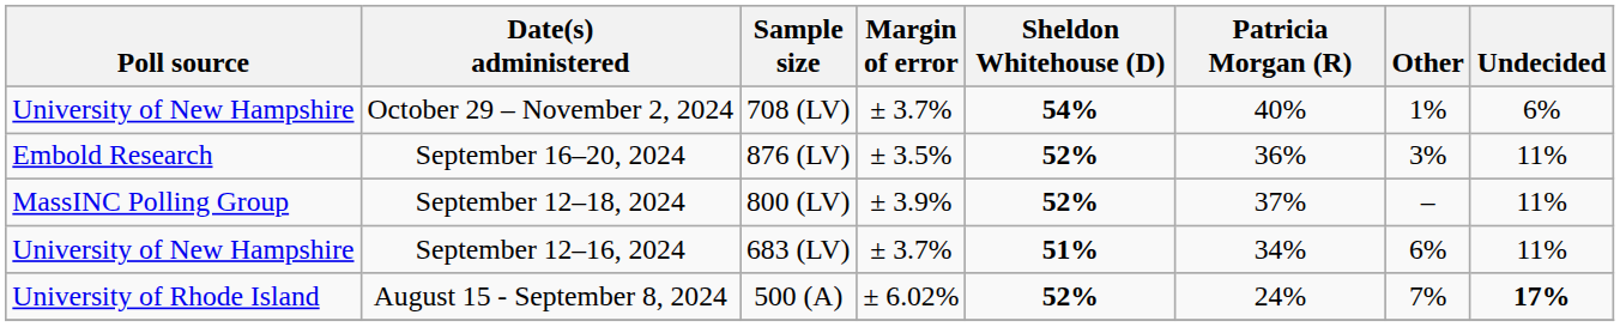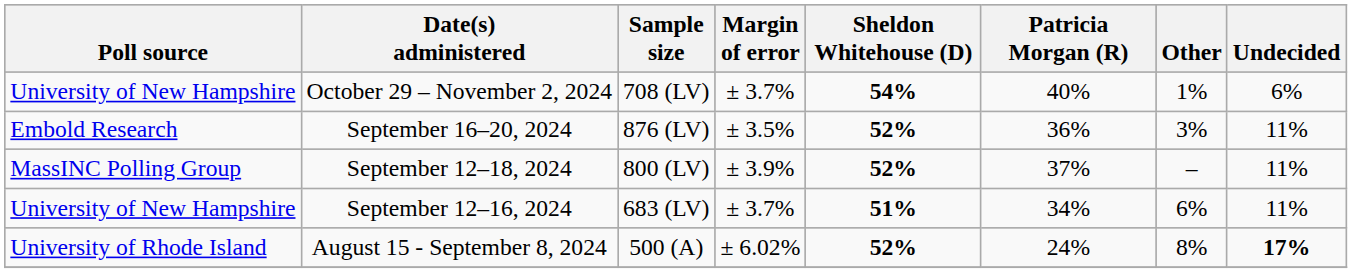 <table class="wikitable" style="font-size:90%;text-align:center;">
 <tr valign=bottom>
 <th>Poll source</th>
 <th>Date(s)<br>administered</th>
 <th>Sample<br>size</th>
 <th>Margin<br>of error</th>
 <th style="width:100px;">Sheldon<br>Whitehouse (D)</th>
 <th style="width:100px;">Patricia<br>Morgan (R)</th>
 <th>Other</th>
 <th>Undecided</th>
 </tr>
 <tr>
 <td style="text-align:left"><a href='#'>University of New Hampshire</a></td>
 <td>October 29 – November 2, 2024</td>
 <td>708 (LV)</td>
 <td>± 3.7%</td>
 <td><strong>54%</strong></td>
 <td>40%</td>
 <td>1%</td>
 <td>6%</td>
 </tr>
 <tr>
 <td style="text-align:left"><a href='#'>Embold Research</a></td>
 <td>September 16–20, 2024</td>
 <td>876 (LV)</td>
 <td>± 3.5%</td>
 <td><strong>52%</strong></td>
 <td>36%</td>
 <td>3%</td>
 <td>11%</td>
 </tr>
 <tr>
 <td style="text-align:left"><a href='#'>MassINC Polling Group</a></td>
 <td>September 12–18, 2024</td>
 <td>800 (LV)</td>
 <td>± 3.9%</td>
 <td><strong>52%</strong></td>
 <td>37%</td>
 <td>–</td>
 <td>11%</td>
 </tr>
 <tr>
 <td style="text-align:left"><a href='#'>University of New Hampshire</a></td>
 <td>September 12–16, 2024</td>
 <td>683 (LV)</td>
 <td>± 3.7%</td>
 <td><strong>51%</strong></td>
 <td>34%</td>
 <td>6%</td>
 <td>11%</td>
 </tr>
 <tr>
 <td style="text-align:left"><a href='#'>University of Rhode Island</a></td>
 <td>August 15 - September 8, 2024</td>
 <td>500 (A)</td>
 <td>± 6.02%</td>
 <td><strong>52%</strong></td>
 <td>24%</td>
-<td>7%</td>
+<td>8%</td>
 <td><strong>17%</strong></td>
 </tr>
 <tr>
 </tr>
 </table>
